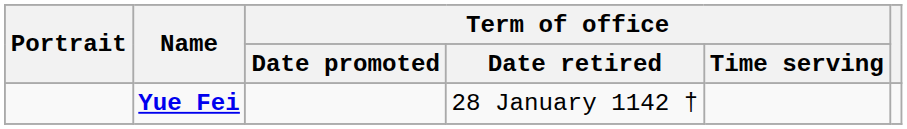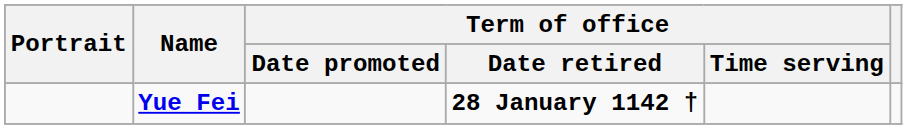 <table class="wikitable" style="text-align:center">
 <tr>
 <th rowspan=2>Portrait</th>
 <th rowspan=2>Name<br></th>
 <th colspan=3>Term of office</th>
 <th rowspan=2></th>
 </tr>
 <tr>
 <th>Date promoted</th>
 <th>Date retired</th>
 <th>Time serving</th>
 </tr>
 <tr>
 <td></td>
 <td><strong><a href='#'>Yue Fei</a></strong><br></td>
 <td></td>
-<td>28 January 1142 †</td>
+<td><strong>28 January 1142 †</strong></td>
 <td></td>
 <td></td>
 </tr>
 </table>
